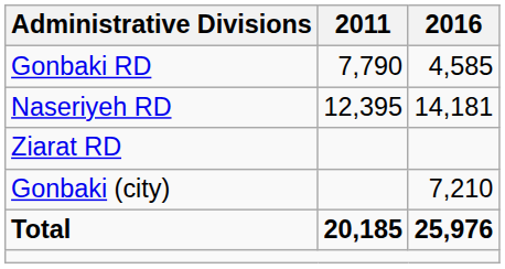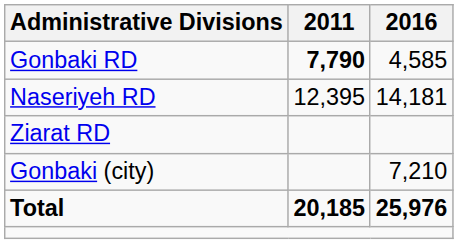 <table class="wikitable">
 <tr>
 <th>Administrative Divisions</th>
 <th>2011</th>
 <th>2016</th>
 </tr>
 <tr>
 <td><a href='#'>Gonbaki RD</a></td>
-<td style="text-align: right;">7,790</td>
+<td style="text-align: right;"><strong>7,790</strong></td>
 <td style="text-align: right;">4,585</td>
 </tr>
 <tr>
 <td><a href='#'>Naseriyeh RD</a></td>
 <td style="text-align: right;">12,395</td>
 <td style="text-align: right;">14,181</td>
 </tr>
 <tr>
 <td><a href='#'>Ziarat RD</a></td>
 <td style="text-align: right;"></td>
 <td style="text-align: right;"></td>
 </tr>
 <tr>
 <td><a href='#'> Gonbaki</a> (city)</td>
 <td style="text-align: right;"></td>
 <td style="text-align: right;">7,210</td>
 </tr>
 <tr>
 <td><strong>Total</strong></td>
 <td style="text-align: right;"><strong>20,185</strong></td>
 <td style="text-align: right;"><strong>25,976</strong></td>
 </tr>
 <tr>
 <td colspan=4></td>
 </tr>
 </table>
